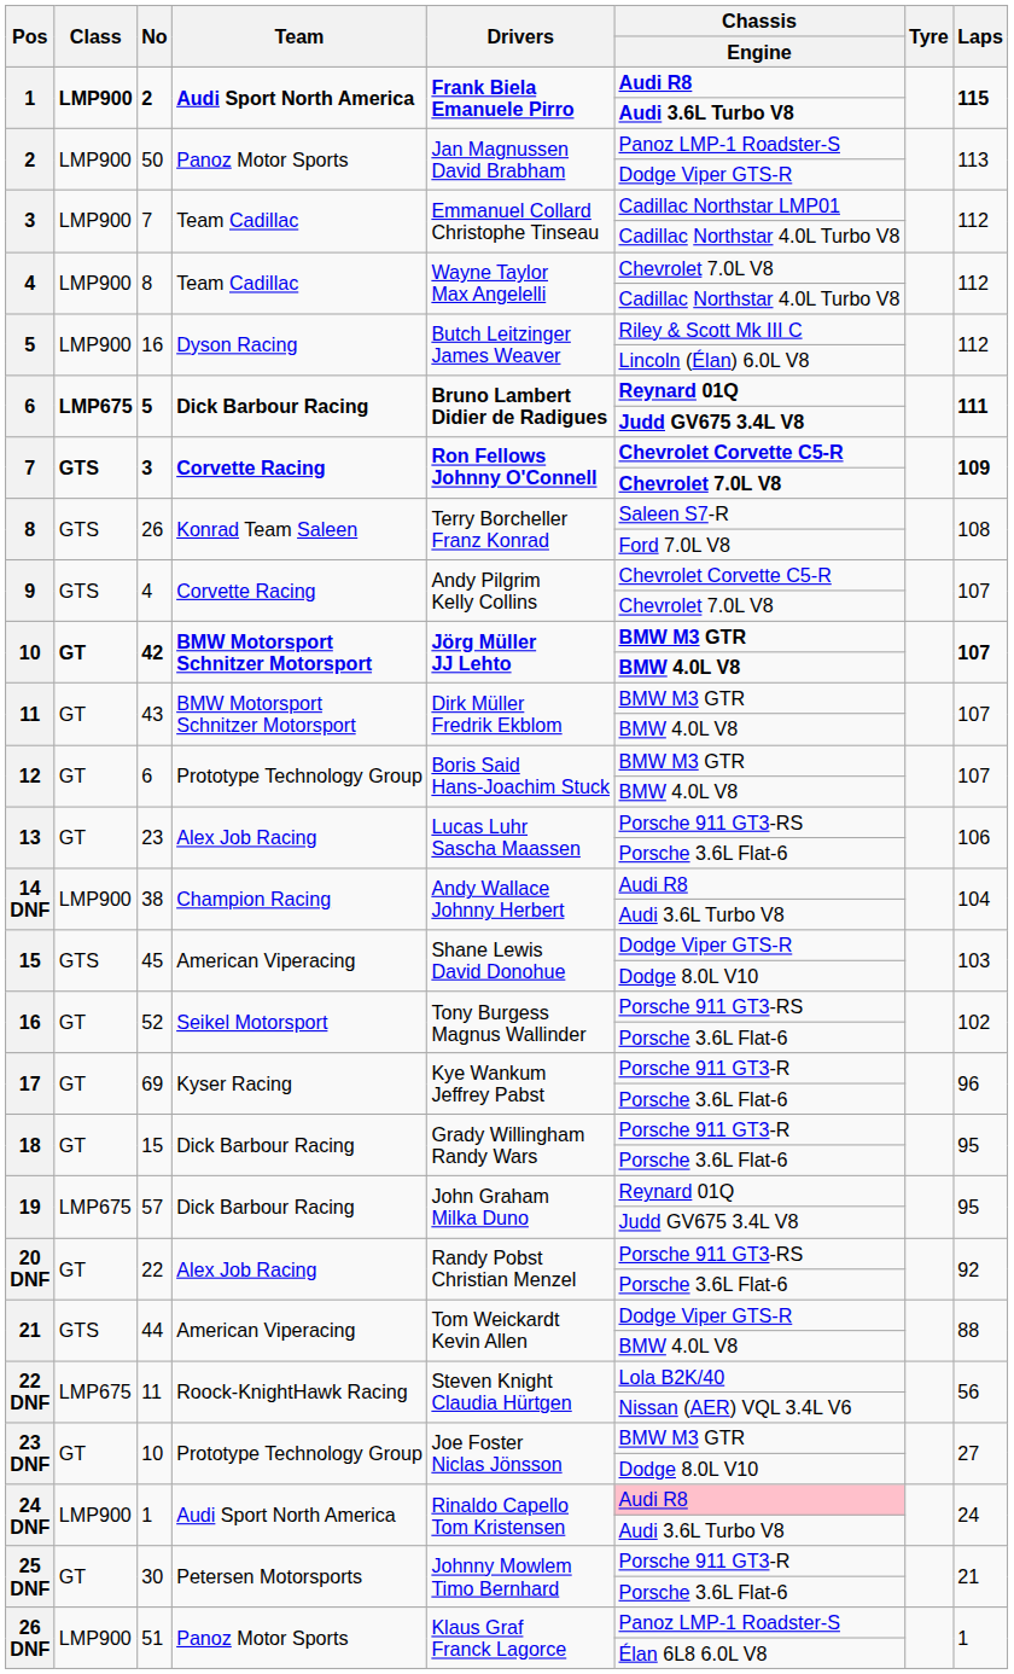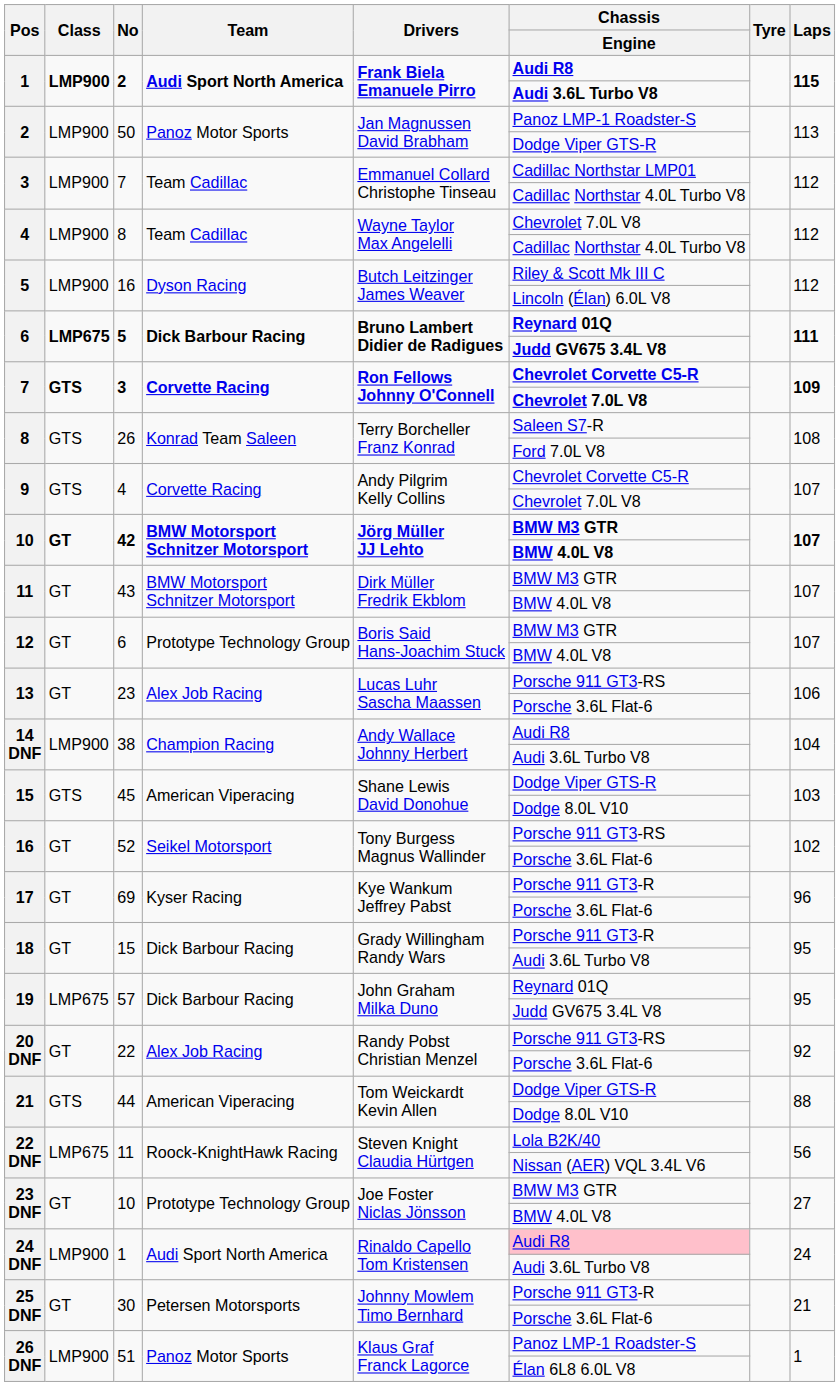 <table class="wikitable" style="font-size: 95%;">
 <tr>
 <th rowspan=2>Pos</th>
 <th rowspan=2>Class</th>
 <th rowspan=2>No</th>
 <th rowspan=2>Team</th>
 <th rowspan=2>Drivers</th>
 <th>Chassis</th>
 <th rowspan=2>Tyre</th>
 <th rowspan=2>Laps</th>
 </tr>
 <tr>
 <th>Engine</th>
 </tr>
 <tr style="font-weight:bold">
 <th rowspan=2>1</th>
 <td rowspan=2>LMP900</td>
 <td rowspan=2>2</td>
 <td rowspan=2> <a href='#'>Audi</a> Sport North America</td>
 <td rowspan=2> <a href='#'>Frank Biela</a><br> <a href='#'>Emanuele Pirro</a></td>
 <td><a href='#'>Audi R8</a></td>
 <td rowspan=2></td>
 <td rowspan=2>115</td>
 </tr>
 <tr style="font-weight:bold">
 <td><a href='#'>Audi</a> 3.6L Turbo V8</td>
 </tr>
 <tr>
 <th rowspan=2>2</th>
 <td rowspan=2>LMP900</td>
 <td rowspan=2>50</td>
 <td rowspan=2> <a href='#'>Panoz</a> Motor Sports</td>
 <td rowspan=2> <a href='#'>Jan Magnussen</a><br> <a href='#'>David Brabham</a></td>
 <td><a href='#'>Panoz LMP-1 Roadster-S</a></td>
 <td rowspan=2></td>
 <td rowspan=2>113</td>
 </tr>
 <tr>
 <td><a href='#'>Dodge Viper GTS-R</a></td>
 </tr>
 <tr>
 <th rowspan=2>3</th>
 <td rowspan=2>LMP900</td>
 <td rowspan=2>7</td>
 <td rowspan=2> Team <a href='#'>Cadillac</a></td>
 <td rowspan=2> <a href='#'>Emmanuel Collard</a><br> Christophe Tinseau</td>
 <td><a href='#'>Cadillac Northstar LMP01</a></td>
 <td rowspan=2></td>
 <td rowspan=2>112</td>
 </tr>
 <tr>
 <td><a href='#'>Cadillac</a> <a href='#'>Northstar</a> 4.0L Turbo V8</td>
 </tr>
 <tr>
 <th rowspan=2>4</th>
 <td rowspan=2>LMP900</td>
 <td rowspan=2>8</td>
 <td rowspan=2> Team <a href='#'>Cadillac</a></td>
 <td rowspan=2> <a href='#'>Wayne Taylor</a><br> <a href='#'>Max Angelelli</a></td>
 <td><a href='#'>Chevrolet</a> 7.0L V8</td>
 <td rowspan=2></td>
 <td rowspan=2>112</td>
 </tr>
 <tr>
 <td><a href='#'>Cadillac</a> <a href='#'>Northstar</a> 4.0L Turbo V8</td>
 </tr>
 <tr>
 <th rowspan=2>5</th>
 <td rowspan=2>LMP900</td>
 <td rowspan=2>16</td>
 <td rowspan=2> <a href='#'>Dyson Racing</a></td>
 <td rowspan=2> <a href='#'>Butch Leitzinger</a><br> <a href='#'>James Weaver</a></td>
 <td><a href='#'>Riley & Scott Mk III C</a></td>
 <td rowspan=2></td>
 <td rowspan=2>112</td>
 </tr>
 <tr>
 <td><a href='#'>Lincoln</a> (<a href='#'>Élan</a>) 6.0L V8</td>
 </tr>
 <tr style="font-weight:bold">
 <th rowspan=2>6</th>
 <td rowspan=2>LMP675</td>
 <td rowspan=2>5</td>
 <td rowspan=2> Dick Barbour Racing</td>
 <td rowspan=2> Bruno Lambert<br> Didier de Radigues</td>
 <td><a href='#'>Reynard</a> 01Q</td>
 <td rowspan=2></td>
 <td rowspan=2>111</td>
 </tr>
 <tr style="font-weight:bold">
 <td><a href='#'>Judd</a> GV675 3.4L V8</td>
 </tr>
 <tr style="font-weight:bold">
 <th rowspan=2>7</th>
 <td rowspan=2>GTS</td>
 <td rowspan=2>3</td>
 <td rowspan=2> <a href='#'>Corvette Racing</a></td>
 <td rowspan=2> <a href='#'>Ron Fellows</a><br> <a href='#'>Johnny O'Connell</a></td>
 <td><a href='#'>Chevrolet Corvette C5-R</a></td>
 <td rowspan=2></td>
 <td rowspan=2>109</td>
 </tr>
 <tr style="font-weight:bold">
 <td><a href='#'>Chevrolet</a> 7.0L V8</td>
 </tr>
 <tr>
 <th rowspan=2>8</th>
 <td rowspan=2>GTS</td>
 <td rowspan=2>26</td>
 <td rowspan=2> <a href='#'>Konrad</a> Team <a href='#'>Saleen</a></td>
 <td rowspan=2> Terry Borcheller<br> <a href='#'>Franz Konrad</a></td>
 <td><a href='#'>Saleen S7</a>-R</td>
 <td rowspan=2></td>
 <td rowspan=2>108</td>
 </tr>
 <tr>
 <td><a href='#'>Ford</a> 7.0L V8</td>
 </tr>
 <tr>
 <th rowspan=2>9</th>
 <td rowspan=2>GTS</td>
 <td rowspan=2>4</td>
 <td rowspan=2> <a href='#'>Corvette Racing</a></td>
 <td rowspan=2> Andy Pilgrim<br> Kelly Collins</td>
 <td><a href='#'>Chevrolet Corvette C5-R</a></td>
 <td rowspan=2></td>
 <td rowspan=2>107</td>
 </tr>
 <tr>
 <td><a href='#'>Chevrolet</a> 7.0L V8</td>
 </tr>
 <tr style="font-weight:bold">
 <th rowspan=2>10</th>
 <td rowspan=2>GT</td>
 <td rowspan=2>42</td>
 <td rowspan=2> <a href='#'>BMW Motorsport</a><br> <a href='#'>Schnitzer Motorsport</a></td>
 <td rowspan=2> <a href='#'>Jörg Müller</a><br> <a href='#'>JJ Lehto</a></td>
 <td><a href='#'>BMW M3</a> GTR</td>
 <td rowspan=2></td>
 <td rowspan=2>107</td>
 </tr>
 <tr style="font-weight:bold">
 <td><a href='#'>BMW</a> 4.0L V8</td>
 </tr>
 <tr>
 <th rowspan=2>11</th>
 <td rowspan=2>GT</td>
 <td rowspan=2>43</td>
 <td rowspan=2> <a href='#'>BMW Motorsport</a><br> <a href='#'>Schnitzer Motorsport</a></td>
 <td rowspan=2> <a href='#'>Dirk Müller</a><br> <a href='#'>Fredrik Ekblom</a></td>
 <td><a href='#'>BMW M3</a> GTR</td>
 <td rowspan=2></td>
 <td rowspan=2>107</td>
 </tr>
 <tr>
 <td><a href='#'>BMW</a> 4.0L V8</td>
 </tr>
 <tr>
 <th rowspan=2>12</th>
 <td rowspan=2>GT</td>
 <td rowspan=2>6</td>
 <td rowspan=2> Prototype Technology Group</td>
 <td rowspan=2> <a href='#'>Boris Said</a><br> <a href='#'>Hans-Joachim Stuck</a></td>
 <td><a href='#'>BMW M3</a> GTR</td>
 <td rowspan=2></td>
 <td rowspan=2>107</td>
 </tr>
 <tr>
 <td><a href='#'>BMW</a> 4.0L V8</td>
 </tr>
 <tr>
 <th rowspan=2>13</th>
 <td rowspan=2>GT</td>
 <td rowspan=2>23</td>
 <td rowspan=2> <a href='#'>Alex Job Racing</a></td>
 <td rowspan=2> <a href='#'>Lucas Luhr</a><br> <a href='#'>Sascha Maassen</a></td>
 <td><a href='#'>Porsche 911 GT3</a>-RS</td>
 <td rowspan=2></td>
 <td rowspan=2>106</td>
 </tr>
 <tr>
 <td><a href='#'>Porsche</a> 3.6L Flat-6</td>
 </tr>
 <tr>
 <th rowspan=2>14<br>DNF</th>
 <td rowspan=2>LMP900</td>
 <td rowspan=2>38</td>
 <td rowspan=2> <a href='#'>Champion Racing</a></td>
 <td rowspan=2> <a href='#'>Andy Wallace</a><br> <a href='#'>Johnny Herbert</a></td>
 <td><a href='#'>Audi R8</a></td>
 <td rowspan=2></td>
 <td rowspan=2>104</td>
 </tr>
 <tr>
 <td><a href='#'>Audi</a> 3.6L Turbo V8</td>
 </tr>
 <tr>
 <th rowspan=2>15</th>
 <td rowspan=2>GTS</td>
 <td rowspan=2>45</td>
 <td rowspan=2> American Viperacing</td>
 <td rowspan=2> Shane Lewis<br> <a href='#'>David Donohue</a></td>
 <td><a href='#'>Dodge Viper GTS-R</a></td>
 <td rowspan=2></td>
 <td rowspan=2>103</td>
 </tr>
 <tr>
 <td><a href='#'>Dodge</a> 8.0L V10</td>
 </tr>
 <tr>
 <th rowspan=2>16</th>
 <td rowspan=2>GT</td>
 <td rowspan=2>52</td>
 <td rowspan=2> <a href='#'>Seikel Motorsport</a></td>
 <td rowspan=2> Tony Burgess<br> Magnus Wallinder</td>
 <td><a href='#'>Porsche 911 GT3</a>-RS</td>
 <td rowspan=2></td>
 <td rowspan=2>102</td>
 </tr>
 <tr>
 <td><a href='#'>Porsche</a> 3.6L Flat-6</td>
 </tr>
 <tr>
 <th rowspan=2>17</th>
 <td rowspan=2>GT</td>
 <td rowspan=2>69</td>
 <td rowspan=2> Kyser Racing</td>
 <td rowspan=2> Kye Wankum<br> Jeffrey Pabst</td>
 <td><a href='#'>Porsche 911 GT3</a>-R</td>
 <td rowspan=2></td>
 <td rowspan=2>96</td>
 </tr>
 <tr>
 <td><a href='#'>Porsche</a> 3.6L Flat-6</td>
 </tr>
 <tr>
 <th rowspan=2>18</th>
 <td rowspan=2>GT</td>
 <td rowspan=2>15</td>
 <td rowspan=2> Dick Barbour Racing</td>
 <td rowspan=2> Grady Willingham<br> Randy Wars</td>
 <td><a href='#'>Porsche 911 GT3</a>-R</td>
 <td rowspan=2></td>
 <td rowspan=2>95</td>
 </tr>
 <tr>
-<td><a href='#'>Porsche</a> 3.6L Flat-6</td>
+<td><a href='#'>Audi</a> 3.6L Turbo V8</td>
 </tr>
 <tr>
 <th rowspan=2>19</th>
 <td rowspan=2>LMP675</td>
 <td rowspan=2>57</td>
 <td rowspan=2> Dick Barbour Racing</td>
 <td rowspan=2> John Graham<br> <a href='#'>Milka Duno</a></td>
 <td><a href='#'>Reynard</a> 01Q</td>
 <td rowspan=2></td>
 <td rowspan=2>95</td>
 </tr>
 <tr>
 <td><a href='#'>Judd</a> GV675 3.4L V8</td>
 </tr>
 <tr>
 <th rowspan=2>20<br>DNF</th>
 <td rowspan=2>GT</td>
 <td rowspan=2>22</td>
 <td rowspan=2> <a href='#'>Alex Job Racing</a></td>
 <td rowspan=2> Randy Pobst<br> Christian Menzel</td>
 <td><a href='#'>Porsche 911 GT3</a>-RS</td>
 <td rowspan=2></td>
 <td rowspan=2>92</td>
 </tr>
 <tr>
 <td><a href='#'>Porsche</a> 3.6L Flat-6</td>
 </tr>
 <tr>
 <th rowspan=2>21</th>
 <td rowspan=2>GTS</td>
 <td rowspan=2>44</td>
 <td rowspan=2> American Viperacing</td>
 <td rowspan=2> Tom Weickardt<br> Kevin Allen</td>
 <td><a href='#'>Dodge Viper GTS-R</a></td>
 <td rowspan=2></td>
 <td rowspan=2>88</td>
 </tr>
 <tr>
-<td><a href='#'>BMW</a> 4.0L V8</td>
+<td><a href='#'>Dodge</a> 8.0L V10</td>
 </tr>
 <tr>
 <th rowspan=2>22<br>DNF</th>
 <td rowspan=2>LMP675</td>
 <td rowspan=2>11</td>
 <td rowspan=2> Roock-KnightHawk Racing</td>
 <td rowspan=2> Steven Knight<br> <a href='#'>Claudia Hürtgen</a></td>
 <td><a href='#'>Lola B2K/40</a></td>
 <td rowspan=2></td>
 <td rowspan=2>56</td>
 </tr>
 <tr>
 <td><a href='#'>Nissan</a> (<a href='#'>AER</a>) VQL 3.4L V6</td>
 </tr>
 <tr>
 <th rowspan=2>23<br>DNF</th>
 <td rowspan=2>GT</td>
 <td rowspan=2>10</td>
 <td rowspan=2> Prototype Technology Group</td>
 <td rowspan=2> Joe Foster<br> <a href='#'>Niclas Jönsson</a></td>
 <td><a href='#'>BMW M3</a> GTR</td>
 <td rowspan=2></td>
 <td rowspan=2>27</td>
 </tr>
 <tr>
-<td><a href='#'>Dodge</a> 8.0L V10</td>
+<td><a href='#'>BMW</a> 4.0L V8</td>
 </tr>
 <tr>
 <th rowspan=2>24<br>DNF</th>
 <td rowspan=2>LMP900</td>
 <td rowspan=2>1</td>
 <td rowspan=2> <a href='#'>Audi</a> Sport North America</td>
 <td rowspan=2> <a href='#'>Rinaldo Capello</a><br> <a href='#'>Tom Kristensen</a></td>
 <td style="background: pink;"><a href='#'>Audi R8</a></td>
 <td rowspan=2></td>
 <td rowspan=2>24</td>
 </tr>
 <tr>
 <td><a href='#'>Audi</a> 3.6L Turbo V8</td>
 </tr>
 <tr>
 <th rowspan=2>25<br>DNF</th>
 <td rowspan=2>GT</td>
 <td rowspan=2>30</td>
 <td rowspan=2> Petersen Motorsports</td>
 <td rowspan=2> <a href='#'>Johnny Mowlem</a><br> <a href='#'>Timo Bernhard</a></td>
 <td><a href='#'>Porsche 911 GT3</a>-R</td>
 <td rowspan=2></td>
 <td rowspan=2>21</td>
 </tr>
 <tr>
 <td><a href='#'>Porsche</a> 3.6L Flat-6</td>
 </tr>
 <tr>
 <th rowspan=2>26<br>DNF</th>
 <td rowspan=2>LMP900</td>
 <td rowspan=2>51</td>
 <td rowspan=2> <a href='#'>Panoz</a> Motor Sports</td>
 <td rowspan=2> <a href='#'>Klaus Graf</a><br> <a href='#'>Franck Lagorce</a></td>
 <td><a href='#'>Panoz LMP-1 Roadster-S</a></td>
 <td rowspan=2></td>
 <td rowspan=2>1</td>
 </tr>
 <tr>
 <td><a href='#'>Élan</a> 6L8 6.0L V8</td>
 </tr>
 </table>
